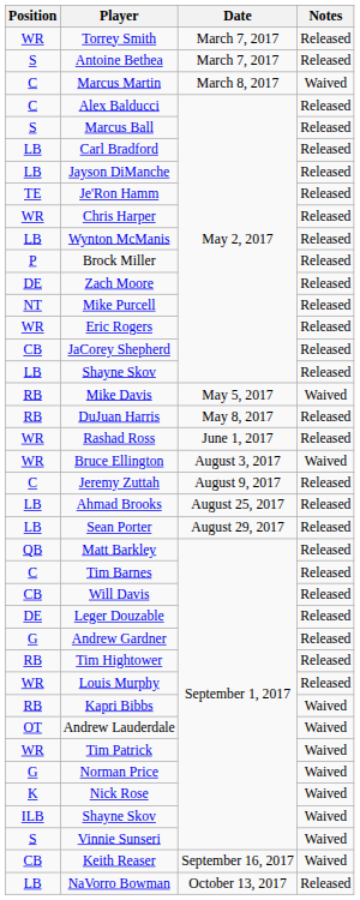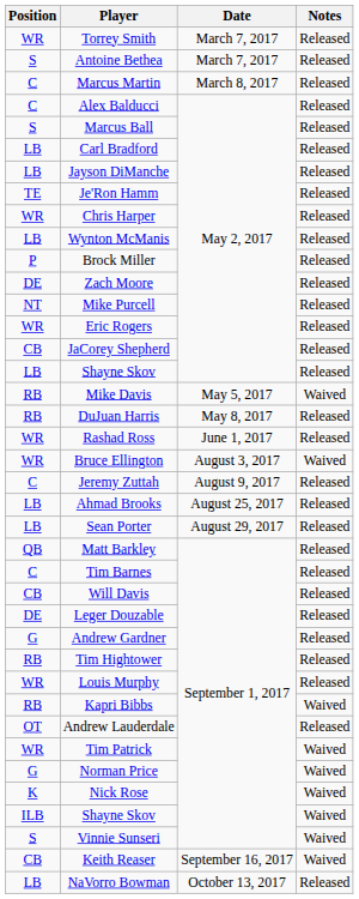 <table class="sortable wikitable">
 <tr>
 <th>Position</th>
 <th>Player</th>
 <th>Date</th>
 <th>Notes</th>
 </tr>
 <tr style="text-align:center">
 <td><a href='#'>WR</a></td>
 <td><a href='#'>Torrey Smith</a></td>
 <td>March 7, 2017</td>
 <td>Released</td>
 </tr>
 <tr style="text-align:center">
 <td><a href='#'>S</a></td>
 <td><a href='#'>Antoine Bethea</a></td>
 <td>March 7, 2017</td>
 <td>Released</td>
 </tr>
 <tr style="text-align:center">
 <td><a href='#'>C</a></td>
 <td><a href='#'>Marcus Martin</a></td>
 <td>March 8, 2017</td>
-<td>Waived</td>
+<td>Released</td>
 </tr>
 <tr style="text-align:center">
 <td><a href='#'>C</a></td>
 <td><a href='#'>Alex Balducci</a></td>
 <td rowspan=13>May 2, 2017</td>
 <td>Released</td>
 </tr>
 <tr style="text-align:center">
 <td><a href='#'>S</a></td>
 <td><a href='#'>Marcus Ball</a></td>
 <td>Released</td>
 </tr>
 <tr style="text-align:center">
 <td><a href='#'>LB</a></td>
 <td><a href='#'>Carl Bradford</a></td>
 <td>Released</td>
 </tr>
 <tr style="text-align:center">
 <td><a href='#'>LB</a></td>
 <td><a href='#'>Jayson DiManche</a></td>
 <td>Released</td>
 </tr>
 <tr style="text-align:center">
 <td><a href='#'>TE</a></td>
 <td><a href='#'>Je'Ron Hamm</a></td>
 <td>Released</td>
 </tr>
 <tr style="text-align:center">
 <td><a href='#'>WR</a></td>
 <td><a href='#'>Chris Harper</a></td>
 <td>Released</td>
 </tr>
 <tr style="text-align:center">
 <td><a href='#'>LB</a></td>
 <td><a href='#'>Wynton McManis</a></td>
 <td>Released</td>
 </tr>
 <tr style="text-align:center">
 <td><a href='#'>P</a></td>
 <td>Brock Miller</td>
 <td>Released</td>
 </tr>
 <tr style="text-align:center">
 <td><a href='#'>DE</a></td>
 <td><a href='#'>Zach Moore</a></td>
 <td>Released</td>
 </tr>
 <tr style="text-align:center">
 <td><a href='#'>NT</a></td>
 <td><a href='#'>Mike Purcell</a></td>
 <td>Released</td>
 </tr>
 <tr style="text-align:center">
 <td><a href='#'>WR</a></td>
 <td><a href='#'>Eric Rogers</a></td>
 <td>Released</td>
 </tr>
 <tr style="text-align:center">
 <td><a href='#'>CB</a></td>
 <td><a href='#'>JaCorey Shepherd</a></td>
 <td>Released</td>
 </tr>
 <tr style="text-align:center">
 <td><a href='#'>LB</a></td>
 <td><a href='#'>Shayne Skov</a></td>
 <td>Released</td>
 </tr>
 <tr style="text-align:center">
 <td><a href='#'>RB</a></td>
 <td><a href='#'>Mike Davis</a></td>
 <td>May 5, 2017</td>
 <td>Waived</td>
 </tr>
 <tr style="text-align:center">
 <td><a href='#'>RB</a></td>
 <td><a href='#'>DuJuan Harris</a></td>
 <td>May 8, 2017</td>
 <td>Released</td>
 </tr>
 <tr style="text-align:center">
 <td><a href='#'>WR</a></td>
 <td><a href='#'>Rashad Ross</a></td>
 <td>June 1, 2017</td>
 <td>Released</td>
 </tr>
 <tr style="text-align:center">
 <td><a href='#'>WR</a></td>
 <td><a href='#'>Bruce Ellington</a></td>
 <td>August 3, 2017</td>
 <td>Waived</td>
 </tr>
 <tr style="text-align:center">
 <td><a href='#'>C</a></td>
 <td><a href='#'>Jeremy Zuttah</a></td>
 <td>August 9, 2017</td>
 <td>Released</td>
 </tr>
 <tr style="text-align:center">
 <td><a href='#'>LB</a></td>
 <td><a href='#'>Ahmad Brooks</a></td>
 <td>August 25, 2017</td>
 <td>Released</td>
 </tr>
 <tr style="text-align:center">
 <td><a href='#'>LB</a></td>
 <td><a href='#'>Sean Porter</a></td>
 <td>August 29, 2017</td>
 <td>Released</td>
 </tr>
 <tr style="text-align:center">
 <td><a href='#'>QB</a></td>
 <td><a href='#'>Matt Barkley</a></td>
 <td rowspan=14>September 1, 2017</td>
 <td>Released</td>
 </tr>
 <tr style="text-align:center">
 <td><a href='#'>C</a></td>
 <td><a href='#'>Tim Barnes</a></td>
 <td>Released</td>
 </tr>
 <tr style="text-align:center">
 <td><a href='#'>CB</a></td>
 <td><a href='#'>Will Davis</a></td>
 <td>Released</td>
 </tr>
 <tr style="text-align:center">
 <td><a href='#'>DE</a></td>
 <td><a href='#'>Leger Douzable</a></td>
 <td>Released</td>
 </tr>
 <tr style="text-align:center">
 <td><a href='#'>G</a></td>
 <td><a href='#'>Andrew Gardner</a></td>
 <td>Released</td>
 </tr>
 <tr style="text-align:center">
 <td><a href='#'>RB</a></td>
 <td><a href='#'>Tim Hightower</a></td>
 <td>Released</td>
 </tr>
 <tr style="text-align:center">
 <td><a href='#'>WR</a></td>
 <td><a href='#'>Louis Murphy</a></td>
 <td>Released</td>
 </tr>
 <tr style="text-align:center">
 <td><a href='#'>RB</a></td>
 <td><a href='#'>Kapri Bibbs</a></td>
 <td>Waived</td>
 </tr>
 <tr style="text-align:center">
 <td><a href='#'>OT</a></td>
 <td>Andrew Lauderdale</td>
-<td>Waived</td>
+<td>Released</td>
 </tr>
 <tr style="text-align:center">
 <td><a href='#'>WR</a></td>
 <td><a href='#'>Tim Patrick</a></td>
 <td>Waived</td>
 </tr>
 <tr style="text-align:center">
 <td><a href='#'>G</a></td>
 <td><a href='#'>Norman Price</a></td>
 <td>Waived</td>
 </tr>
 <tr style="text-align:center">
 <td><a href='#'>K</a></td>
 <td><a href='#'>Nick Rose</a></td>
 <td>Waived</td>
 </tr>
 <tr style="text-align:center">
 <td><a href='#'>ILB</a></td>
 <td><a href='#'>Shayne Skov</a></td>
 <td>Waived</td>
 </tr>
 <tr style="text-align:center">
 <td><a href='#'>S</a></td>
 <td><a href='#'>Vinnie Sunseri</a></td>
 <td>Waived</td>
 </tr>
 <tr style="text-align:center">
 <td><a href='#'>CB</a></td>
 <td><a href='#'>Keith Reaser</a></td>
 <td>September 16, 2017</td>
 <td>Waived</td>
 </tr>
 <tr style="text-align:center">
 <td><a href='#'>LB</a></td>
 <td><a href='#'>NaVorro Bowman</a></td>
 <td>October 13, 2017</td>
 <td>Released</td>
 </tr>
 </table>
